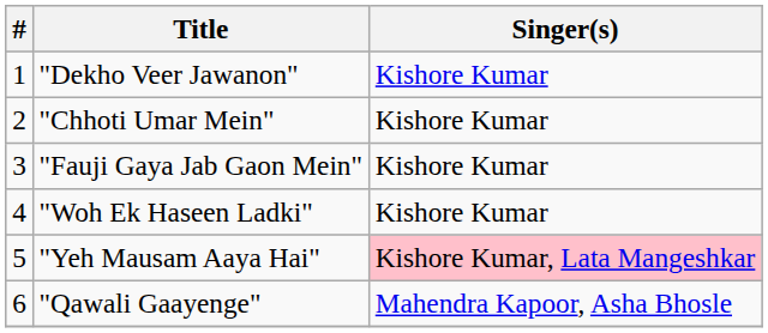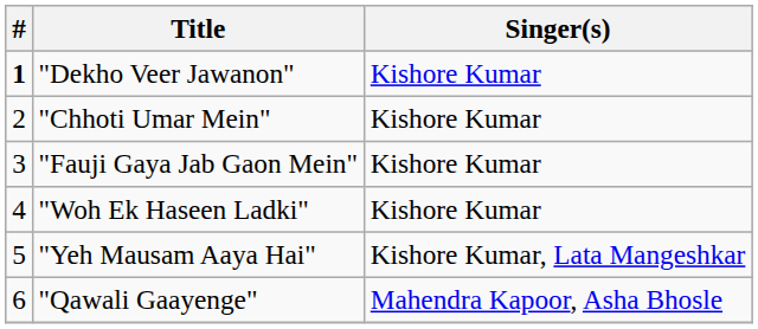 <table class="wikitable" style="font-size:95%;">
 <tr>
 <th>#</th>
 <th>Title</th>
 <th>Singer(s)</th>
 </tr>
 <tr>
-<td>1</td>
+<td><strong>1</strong></td>
 <td>"Dekho Veer Jawanon"</td>
 <td><a href='#'>Kishore Kumar</a></td>
 </tr>
 <tr>
 <td>2</td>
 <td>"Chhoti Umar Mein"</td>
 <td>Kishore Kumar</td>
 </tr>
 <tr>
 <td>3</td>
 <td>"Fauji Gaya Jab Gaon Mein"</td>
 <td>Kishore Kumar</td>
 </tr>
 <tr>
 <td>4</td>
 <td>"Woh Ek Haseen Ladki"</td>
 <td>Kishore Kumar</td>
 </tr>
 <tr>
 <td>5</td>
 <td>"Yeh Mausam Aaya Hai"</td>
-<td style="background: pink;">Kishore Kumar, <a href='#'>Lata Mangeshkar</a></td>
+<td>Kishore Kumar, <a href='#'>Lata Mangeshkar</a></td>
 </tr>
 <tr>
 <td>6</td>
 <td>"Qawali Gaayenge"</td>
 <td><a href='#'>Mahendra Kapoor</a>, <a href='#'>Asha Bhosle</a></td>
 </tr>
 <tr>
 </tr>
 </table>
